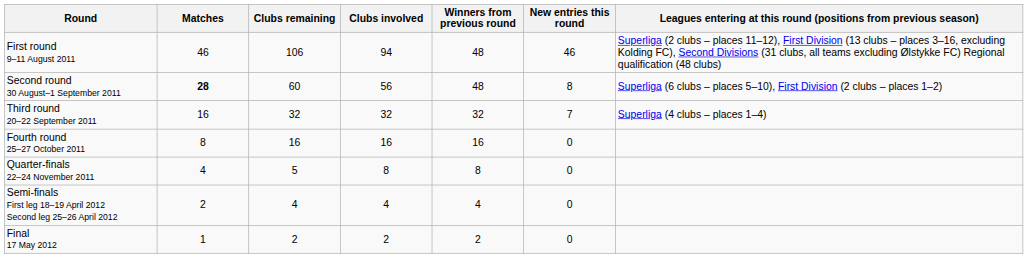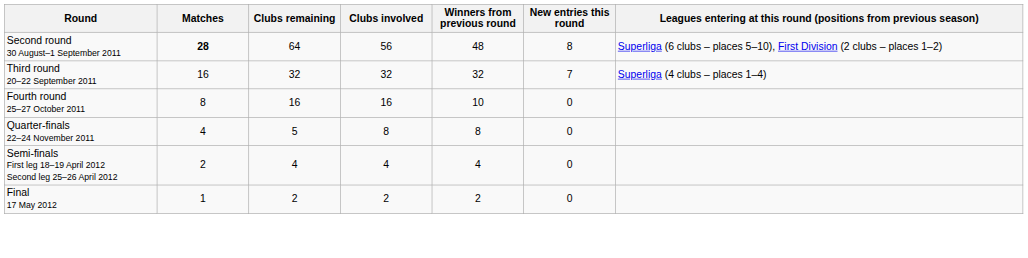 <table class="wikitable" style="text-align:center;">
 <tr>
 <th style="width:15%;">Round</th>
 <th style="width:9%;">Matches</th>
 <th style="width:9%;">Clubs remaining</th>
 <th style="width:9%;">Clubs involved</th>
 <th style="width:9%;">Winners from previous round</th>
 <th style="widt9h:9%;">New entries this round</th>
 <th style="width:40%;">Leagues entering at this round (positions from previous season)</th>
 </tr>
 <tr>
-<td style="text-align:left;">First round<br><small>9–11 August 2011</small></td>
-<td>46</td>
-<td>106</td>
-<td>94</td>
-<td>48</td>
-<td>46</td>
-<td style="text-align:left;"><a href='#'>Superliga</a> (2 clubs – places 11–12), <a href='#'>First Division</a> (13 clubs – places 3–16, excluding Kolding FC), <a href='#'>Second Divisions</a> (31 clubs, all teams excluding Ølstykke FC) Regional qualification (48 clubs)</td>
-</tr>
-<tr>
 <td style="text-align:left;">Second round<br><small>30 August–1 September 2011</small></td>
 <td><strong>28</strong></td>
-<td>60</td>
+<td>64</td>
 <td>56</td>
 <td>48</td>
 <td>8</td>
 <td style="text-align:left;"><a href='#'>Superliga</a> (6 clubs – places 5–10), <a href='#'>First Division</a> (2 clubs – places 1–2)</td>
 </tr>
 <tr>
 <td style="text-align:left;">Third round<br><small>20–22 September 2011</small></td>
 <td>16</td>
 <td>32</td>
 <td>32</td>
 <td>32</td>
 <td>7</td>
 <td style="text-align:left;"><a href='#'>Superliga</a> (4 clubs – places 1–4)</td>
 </tr>
 <tr>
 <td style="text-align:left;">Fourth round<br><small>25–27 October 2011</small></td>
 <td>8</td>
 <td>16</td>
 <td>16</td>
-<td>16</td>
+<td>10</td>
 <td>0</td>
 <td></td>
 </tr>
 <tr>
 <td style="text-align:left;">Quarter-finals<br><small>22–24 November 2011</small></td>
 <td>4</td>
 <td>5</td>
 <td>8</td>
 <td>8</td>
 <td>0</td>
 <td></td>
 </tr>
 <tr>
 <td style="text-align:left;">Semi-finals<br><small>First leg 18–19 April 2012<br>Second leg 25–26 April 2012</small></td>
 <td>2</td>
 <td>4</td>
 <td>4</td>
 <td>4</td>
 <td>0</td>
 <td></td>
 </tr>
 <tr>
 <td style="text-align:left;">Final<br><small>17 May 2012</small></td>
 <td>1</td>
 <td>2</td>
 <td>2</td>
 <td>2</td>
 <td>0</td>
 <td></td>
 </tr>
 </table>
